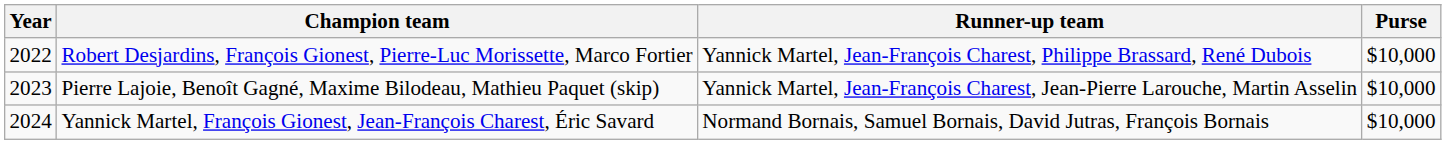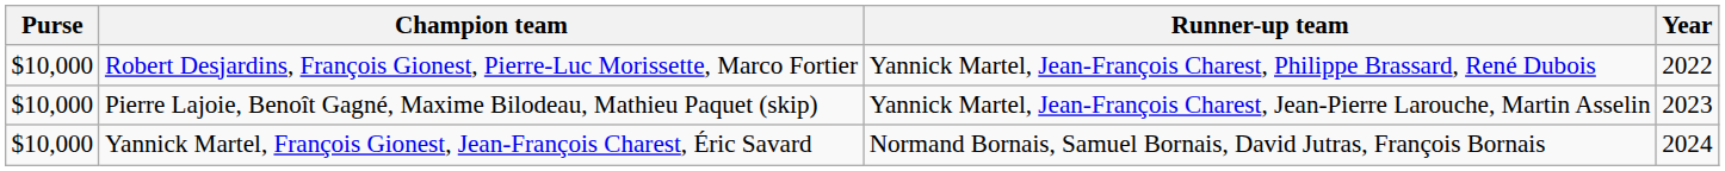 <table class="wikitable">
 <tr>
-<th scope="col">Year</th>
+<th scope="col">Purse</th>
 <th scope="col">Champion team</th>
 <th scope="col">Runner-up team</th>
-<th scope="col">Purse</th>
+<th scope="col">Year</th>
 </tr>
 <tr>
-<td>2022</td>
+<td>$10,000</td>
 <td><a href='#'>Robert Desjardins</a>, <a href='#'>François Gionest</a>, <a href='#'>Pierre-Luc Morissette</a>, Marco Fortier</td>
 <td>Yannick Martel, <a href='#'>Jean-François Charest</a>, <a href='#'>Philippe Brassard</a>, <a href='#'>René Dubois</a></td>
-<td>$10,000</td>
+<td>2022</td>
 </tr>
 <tr>
-<td>2023</td>
+<td>$10,000</td>
 <td>Pierre Lajoie, Benoît Gagné, Maxime Bilodeau, Mathieu Paquet (skip)</td>
 <td>Yannick Martel, <a href='#'>Jean-François Charest</a>, Jean-Pierre Larouche, Martin Asselin</td>
-<td>$10,000</td>
+<td>2023</td>
 </tr>
 <tr>
-<td>2024</td>
+<td>$10,000</td>
 <td>Yannick Martel, <a href='#'>François Gionest</a>, <a href='#'>Jean-François Charest</a>, Éric Savard</td>
 <td>Normand Bornais, Samuel Bornais, David Jutras, François Bornais</td>
-<td>$10,000</td>
+<td>2024</td>
 </tr>
 </table>
